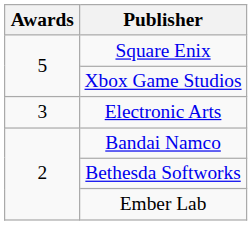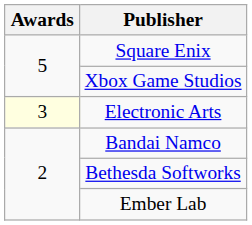 <table class="wikitable floatright" rowspan="2" style="text-align:center;">
 <tr>
 <th style="width:55px;">Awards</th>
 <th style="text-align:center;">Publisher</th>
 </tr>
 <tr>
 <td rowspan="2">5</td>
 <td><a href='#'>Square Enix</a></td>
 </tr>
 <tr>
 <td><a href='#'>Xbox Game Studios</a></td>
 </tr>
 <tr>
-<td>3</td>
+<td style="background: lightyellow;">3</td>
 <td><a href='#'>Electronic Arts</a></td>
 </tr>
 <tr>
 <td rowspan="3">2</td>
 <td><a href='#'>Bandai Namco</a></td>
 </tr>
 <tr>
 <td><a href='#'>Bethesda Softworks</a></td>
 </tr>
 <tr>
 <td>Ember Lab</td>
 </tr>
 </table>
